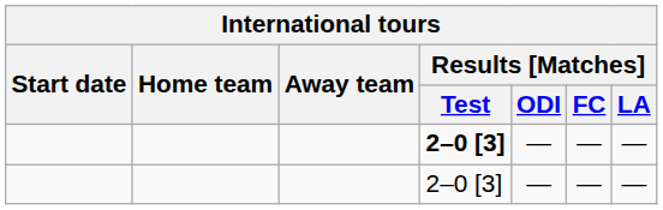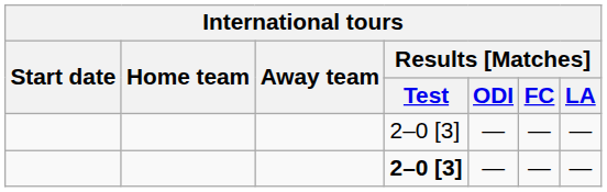 <table class="wikitable">
 <tr>
 <th colspan="7">International tours</th>
 </tr>
 <tr>
 <th rowspan="2">Start date</th>
 <th rowspan="2">Home team</th>
 <th rowspan="2">Away team</th>
 <th colspan="4">Results [Matches]</th>
 </tr>
 <tr>
 <th><a href='#'>Test</a></th>
 <th><a href='#'>ODI</a></th>
 <th><a href='#'>FC</a></th>
 <th><a href='#'>LA</a></th>
 </tr>
 <tr>
 <td><a href='#'></a></td>
 <td></td>
 <td></td>
-<td><strong>2–0 [3]</strong></td>
+<td>2–0 [3]</td>
 <td ; style="text-align:center">—</td>
 <td ; style="text-align:center">—</td>
 <td ; style="text-align:center">—</td>
 </tr>
 <tr>
 <td><a href='#'></a></td>
 <td></td>
 <td></td>
-<td>2–0 [3]</td>
+<td><strong>2–0 [3]</strong></td>
 <td ; style="text-align:center">—</td>
 <td ; style="text-align:center">—</td>
 <td ; style="text-align:center">—</td>
 </tr>
 </table>
